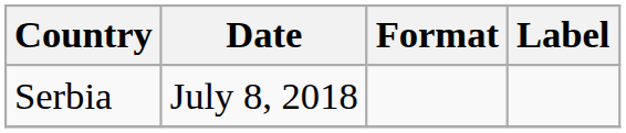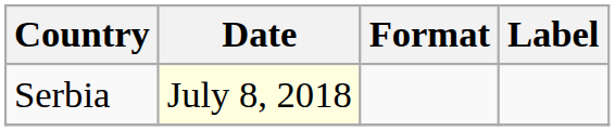 <table class="wikitable plainrowheaders">
 <tr>
 <th scope="col">Country</th>
 <th scope="col">Date</th>
 <th scope="col">Format</th>
 <th scope="col">Label</th>
 </tr>
 <tr>
 <td>Serbia</td>
-<td>July 8, 2018</td>
+<td style="background: lightyellow;">July 8, 2018</td>
 <td></td>
 <td></td>
 </tr>
 <tr>
 </tr>
 </table>
